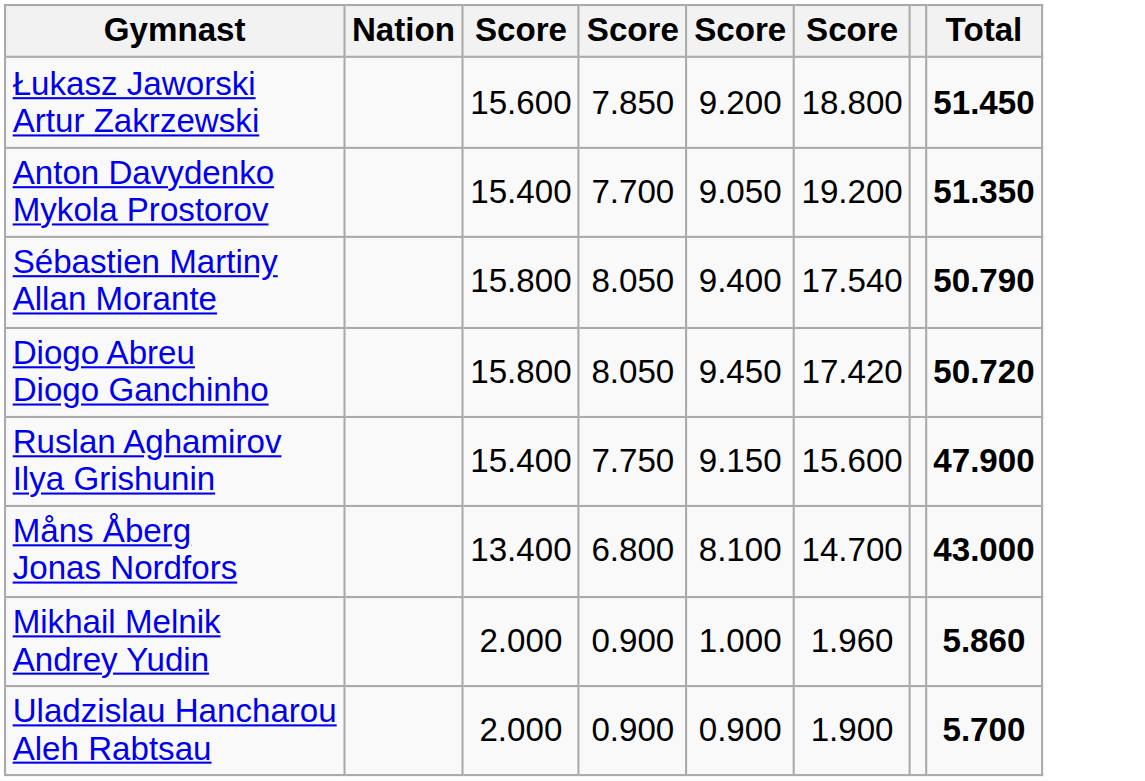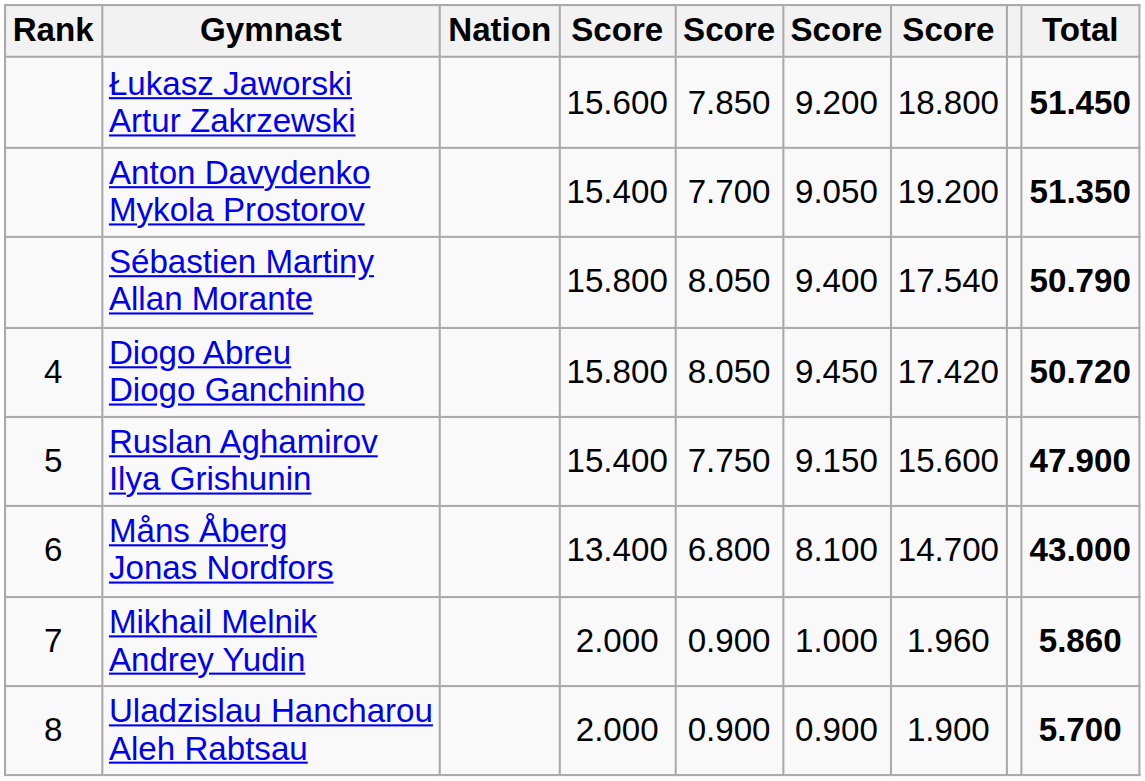 <table class="wikitable sortable" style="text-align:center">
 <tr>
+<th>Rank</th>
 <th>Gymnast</th>
 <th>Nation</th>
 <th> Score</th>
 <th> Score</th>
 <th> Score</th>
 <th> Score</th>
 <th></th>
 <th>Total</th>
 </tr>
 <tr>
+<td></td>
 <td align=left><a href='#'>Łukasz Jaworski</a><br><a href='#'>Artur Zakrzewski</a></td>
 <td align=left></td>
 <td>15.600</td>
 <td>7.850</td>
 <td>9.200</td>
 <td>18.800</td>
 <td></td>
 <td><strong>51.450</strong></td>
 </tr>
 <tr>
+<td></td>
 <td align=left><a href='#'>Anton Davydenko</a><br><a href='#'>Mykola Prostorov</a></td>
 <td align=left></td>
 <td>15.400</td>
 <td>7.700</td>
 <td>9.050</td>
 <td>19.200</td>
 <td></td>
 <td><strong>51.350</strong></td>
 </tr>
 <tr>
+<td></td>
 <td align=left><a href='#'>Sébastien Martiny</a><br><a href='#'>Allan Morante</a></td>
 <td align=left></td>
 <td>15.800</td>
 <td>8.050</td>
 <td>9.400</td>
 <td>17.540</td>
 <td></td>
 <td><strong>50.790</strong></td>
 </tr>
 <tr>
+<td>4</td>
 <td align=left><a href='#'>Diogo Abreu</a><br><a href='#'>Diogo Ganchinho</a></td>
 <td align=left></td>
 <td>15.800</td>
 <td>8.050</td>
 <td>9.450</td>
 <td>17.420</td>
 <td></td>
 <td><strong>50.720</strong></td>
 </tr>
 <tr>
+<td>5</td>
 <td align=left><a href='#'>Ruslan Aghamirov</a><br><a href='#'>Ilya Grishunin</a></td>
 <td align=left></td>
 <td>15.400</td>
 <td>7.750</td>
 <td>9.150</td>
 <td>15.600</td>
 <td></td>
 <td><strong>47.900</strong></td>
 </tr>
 <tr>
+<td>6</td>
 <td align=left><a href='#'>Måns Åberg</a><br><a href='#'>Jonas Nordfors</a></td>
 <td align=left></td>
 <td>13.400</td>
 <td>6.800</td>
 <td>8.100</td>
 <td>14.700</td>
 <td></td>
 <td><strong>43.000</strong></td>
 </tr>
 <tr>
+<td>7</td>
 <td align=left><a href='#'>Mikhail Melnik</a><br><a href='#'>Andrey Yudin</a></td>
 <td align=left></td>
 <td>2.000</td>
 <td>0.900</td>
 <td>1.000</td>
 <td>1.960</td>
 <td></td>
 <td><strong>5.860</strong></td>
 </tr>
 <tr>
+<td>8</td>
 <td align=left><a href='#'>Uladzislau Hancharou</a><br><a href='#'>Aleh Rabtsau</a></td>
 <td align=left></td>
 <td>2.000</td>
 <td>0.900</td>
 <td>0.900</td>
 <td>1.900</td>
 <td></td>
 <td><strong>5.700</strong></td>
 </tr>
 </table>
